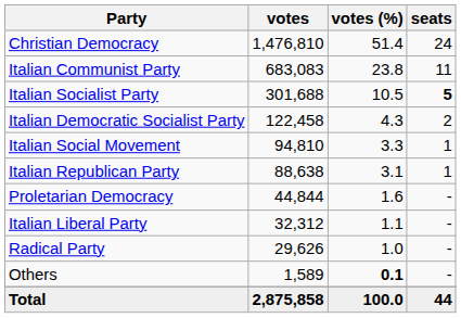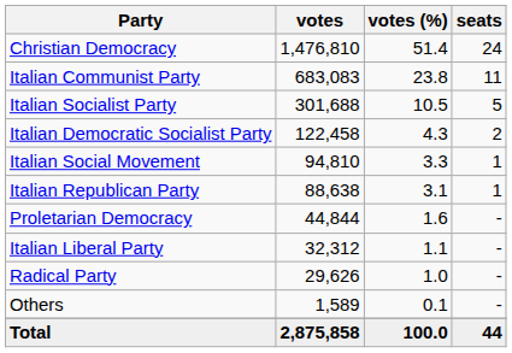 <table class="wikitable" style="font-size:95%">
 <tr bgcolor="EFEFEF">
 <th>Party</th>
 <th>votes</th>
 <th>votes (%)</th>
 <th>seats</th>
 </tr>
 <tr>
 <td><a href='#'>Christian Democracy</a></td>
 <td align=right>1,476,810</td>
 <td align=right>51.4</td>
 <td align=right>24</td>
 </tr>
 <tr>
 <td><a href='#'>Italian Communist Party</a></td>
 <td align=right>683,083</td>
 <td align=right>23.8</td>
 <td align=right>11</td>
 </tr>
 <tr>
 <td><a href='#'>Italian Socialist Party</a></td>
 <td align=right>301,688</td>
 <td align=right>10.5</td>
-<td align=right><strong>5</strong></td>
+<td align=right>5</td>
 </tr>
 <tr>
 <td><a href='#'>Italian Democratic Socialist Party</a></td>
 <td align=right>122,458</td>
 <td align=right>4.3</td>
 <td align=right>2</td>
 </tr>
 <tr>
 <td><a href='#'>Italian Social Movement</a></td>
 <td align=right>94,810</td>
 <td align=right>3.3</td>
 <td align=right>1</td>
 </tr>
 <tr>
 <td><a href='#'>Italian Republican Party</a></td>
 <td align=right>88,638</td>
 <td align=right>3.1</td>
 <td align=right>1</td>
 </tr>
 <tr>
 <td><a href='#'>Proletarian Democracy</a></td>
 <td align=right>44,844</td>
 <td align=right>1.6</td>
 <td align=right>-</td>
 </tr>
 <tr>
 <td><a href='#'>Italian Liberal Party</a></td>
 <td align=right>32,312</td>
 <td align=right>1.1</td>
 <td align=right>-</td>
 </tr>
 <tr>
 <td><a href='#'>Radical Party</a></td>
 <td align=right>29,626</td>
 <td align=right>1.0</td>
 <td align=right>-</td>
 </tr>
 <tr>
 <td>Others</td>
 <td align=right>1,589</td>
-<td align=right><strong>0.1</strong></td>
+<td align=right>0.1</td>
 <td align=right>-</td>
 </tr>
 <tr>
 </tr>
 <tr bgcolor="EFEFEF">
 <td><strong>Total</strong></td>
 <td align=right><strong>2,875,858</strong></td>
 <td align=right><strong>100.0</strong></td>
 <td align=right><strong>44</strong></td>
 </tr>
 </table>
